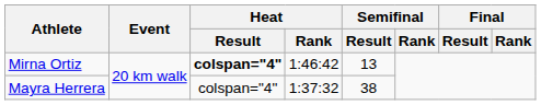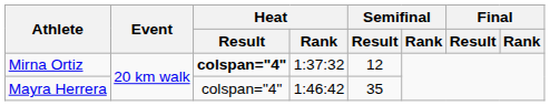 <table class="wikitable" style="font-size:90%">
 <tr>
 <th rowspan="2">Athlete</th>
 <th rowspan="2">Event</th>
 <th colspan="2">Heat</th>
 <th colspan="2">Semifinal</th>
 <th colspan="2">Final</th>
 </tr>
 <tr>
 <th>Result</th>
 <th>Rank</th>
 <th>Result</th>
 <th>Rank</th>
 <th>Result</th>
 <th>Rank</th>
 </tr>
 <tr style=text-align:center>
 <td style=text-align:left><a href='#'>Mirna Ortiz</a></td>
 <td style=text-align:left rowspan="2"><a href='#'>20 km walk</a></td>
 <td><strong>colspan="4" </strong></td>
-<td>1:46:42</td>
-<td>13</td>
+<td>1:37:32</td>
+<td>12</td>
 </tr>
 <tr style=text-align:center>
 <td style=text-align:left><a href='#'>Mayra Herrera</a></td>
 <td>colspan="4" </td>
-<td>1:37:32</td>
-<td>38</td>
+<td>1:46:42</td>
+<td>35</td>
 </tr>
 </table>
